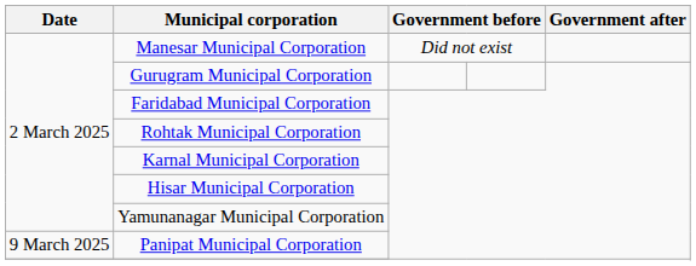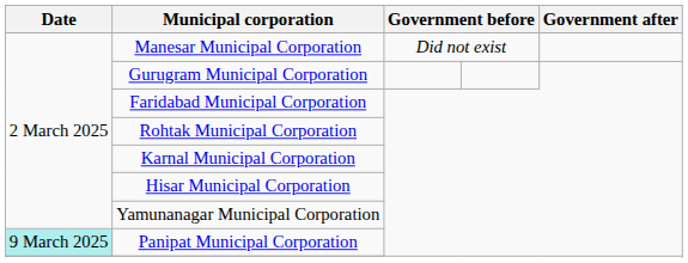 <table class="wikitable sortable"style="text-align:center;">
 <tr>
 <th>Date</th>
 <th>Municipal corporation</th>
 <th colspan="2">Government before</th>
 <th colspan="2">Government after</th>
 </tr>
 <tr>
 <td rowspan=7>2 March 2025</td>
 <td><a href='#'>Manesar Municipal Corporation</a></td>
 <td style="text-align:center;" colspan=2><em>Did not exist</em></td>
 <td></td>
 </tr>
 <tr>
 <td><a href='#'>Gurugram Municipal Corporation</a></td>
 <td></td>
 <td></td>
 </tr>
 <tr>
 <td><a href='#'>Faridabad Municipal Corporation</a></td>
 </tr>
 <tr>
 <td><a href='#'>Rohtak Municipal Corporation</a></td>
 </tr>
 <tr>
 <td><a href='#'>Karnal Municipal Corporation</a></td>
 </tr>
 <tr>
 <td><a href='#'>Hisar Municipal Corporation</a></td>
 </tr>
 <tr>
 <td>Yamunanagar Municipal Corporation</td>
 </tr>
 <tr>
-<td>9 March 2025</td>
+<td style="background: paleturquoise;">9 March 2025</td>
 <td><a href='#'>Panipat Municipal Corporation</a></td>
 </tr>
 <tr>
 </tr>
 </table>
